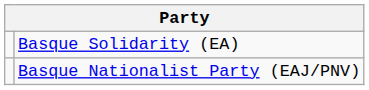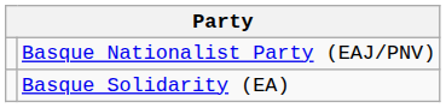 <table class="wikitable" style="text-align:left; font-size:97%;">
 <tr>
 <th colspan="2">Party</th>
 </tr>
 <tr>
+<td width="1"></td>
+<td><a href='#'>Basque Nationalist Party</a> (EAJ/PNV)</td>
+</tr>
+<tr>
 <td></td>
 <td><a href='#'>Basque Solidarity</a> (EA)</td>
 </tr>
-<tr>
-<td width="1"></td>
-<td><a href='#'>Basque Nationalist Party</a> (EAJ/PNV)</td>
-</tr>
 </table>
